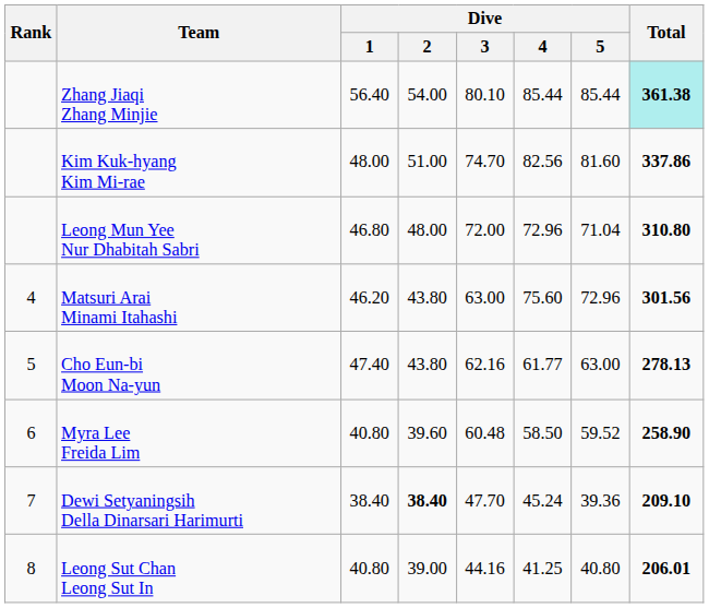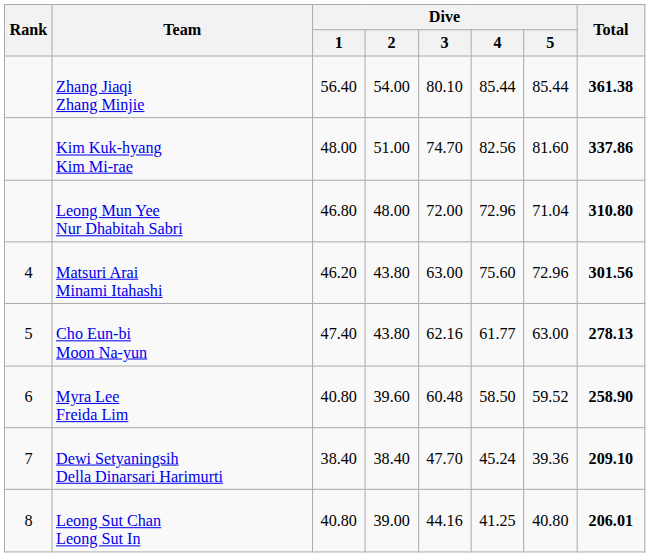 <table class=wikitable style="text-align:center">
 <tr>
 <th rowspan="2" width=40>Rank</th>
 <th rowspan="2" width=250>Team</th>
 <th colspan="5">Dive</th>
 <th rowspan="2" width=60>Total</th>
 </tr>
 <tr>
 <th width=45>1</th>
 <th width=45>2</th>
 <th width=45>3</th>
 <th width=45>4</th>
 <th width=45>5</th>
 </tr>
 <tr>
 <td></td>
 <td align=left><br><a href='#'>Zhang Jiaqi</a><br><a href='#'>Zhang Minjie</a></td>
 <td>56.40</td>
 <td>54.00</td>
 <td>80.10</td>
 <td>85.44</td>
 <td>85.44</td>
-<td style="background: paleturquoise;"><strong>361.38</strong></td>
+<td><strong>361.38</strong></td>
 </tr>
 <tr>
 <td></td>
 <td align=left><br><a href='#'>Kim Kuk-hyang</a><br><a href='#'>Kim Mi-rae</a></td>
 <td>48.00</td>
 <td>51.00</td>
 <td>74.70</td>
 <td>82.56</td>
 <td>81.60</td>
 <td><strong>337.86</strong></td>
 </tr>
 <tr>
 <td></td>
 <td align=left><br><a href='#'>Leong Mun Yee</a><br><a href='#'>Nur Dhabitah Sabri</a></td>
 <td>46.80</td>
 <td>48.00</td>
 <td>72.00</td>
 <td>72.96</td>
 <td>71.04</td>
 <td><strong>310.80</strong></td>
 </tr>
 <tr>
 <td>4</td>
 <td align=left><br><a href='#'>Matsuri Arai</a><br><a href='#'>Minami Itahashi</a></td>
 <td>46.20</td>
 <td>43.80</td>
 <td>63.00</td>
 <td>75.60</td>
 <td>72.96</td>
 <td><strong>301.56</strong></td>
 </tr>
 <tr>
 <td>5</td>
 <td align=left><br><a href='#'>Cho Eun-bi</a><br><a href='#'>Moon Na-yun</a></td>
 <td>47.40</td>
 <td>43.80</td>
 <td>62.16</td>
 <td>61.77</td>
 <td>63.00</td>
 <td><strong>278.13</strong></td>
 </tr>
 <tr>
 <td>6</td>
 <td align=left><br><a href='#'>Myra Lee</a><br><a href='#'>Freida Lim</a></td>
 <td>40.80</td>
 <td>39.60</td>
 <td>60.48</td>
 <td>58.50</td>
 <td>59.52</td>
 <td><strong>258.90</strong></td>
 </tr>
 <tr>
 <td>7</td>
 <td align=left><br><a href='#'>Dewi Setyaningsih</a><br><a href='#'>Della Dinarsari Harimurti</a></td>
 <td>38.40</td>
-<td><strong>38.40</strong></td>
+<td>38.40</td>
 <td>47.70</td>
 <td>45.24</td>
 <td>39.36</td>
 <td><strong>209.10</strong></td>
 </tr>
 <tr>
 <td>8</td>
 <td align=left><br><a href='#'>Leong Sut Chan</a><br><a href='#'>Leong Sut In</a></td>
 <td>40.80</td>
 <td>39.00</td>
 <td>44.16</td>
 <td>41.25</td>
 <td>40.80</td>
 <td><strong>206.01</strong></td>
 </tr>
 </table>
